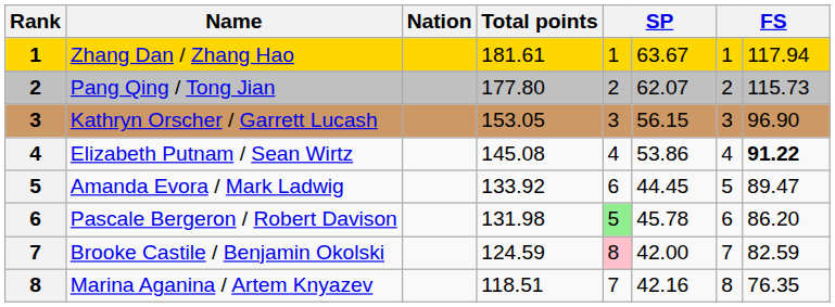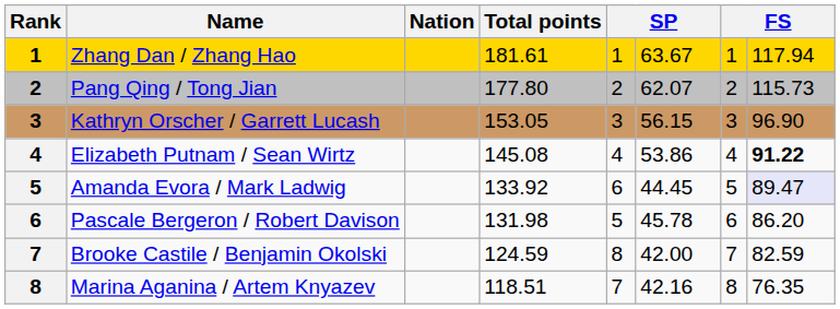 <table class="wikitable">
 <tr>
 <th>Rank</th>
 <th>Name</th>
 <th>Nation</th>
 <th>Total points</th>
 <th colspan="2" width="80px"><a href='#'>SP</a></th>
 <th colspan="2" width="80px"><a href='#'>FS</a></th>
 </tr>
 <tr bgcolor="gold">
 <td align="center"><strong>1</strong></td>
 <td><a href='#'>Zhang Dan</a> / <a href='#'>Zhang Hao</a></td>
 <td></td>
 <td>181.61</td>
 <td>1</td>
 <td>63.67</td>
 <td>1</td>
 <td>117.94</td>
 </tr>
 <tr bgcolor="silver">
 <td align="center"><strong>2</strong></td>
 <td><a href='#'>Pang Qing</a> / <a href='#'>Tong Jian</a></td>
 <td></td>
 <td>177.80</td>
 <td>2</td>
 <td>62.07</td>
 <td>2</td>
 <td>115.73</td>
 </tr>
 <tr bgcolor="cc9966">
 <td align="center"><strong>3</strong></td>
 <td><a href='#'>Kathryn Orscher</a> / <a href='#'>Garrett Lucash</a></td>
 <td></td>
 <td>153.05</td>
 <td>3</td>
 <td>56.15</td>
 <td>3</td>
 <td>96.90</td>
 </tr>
 <tr>
 <th>4</th>
 <td><a href='#'>Elizabeth Putnam</a> / <a href='#'>Sean Wirtz</a></td>
 <td></td>
 <td>145.08</td>
 <td>4</td>
 <td>53.86</td>
 <td>4</td>
 <td><strong>91.22</strong></td>
 </tr>
 <tr>
 <th>5</th>
 <td><a href='#'>Amanda Evora</a> / <a href='#'>Mark Ladwig</a></td>
 <td></td>
 <td>133.92</td>
 <td>6</td>
 <td>44.45</td>
 <td>5</td>
-<td>89.47</td>
+<td style="background: lavender;">89.47</td>
 </tr>
 <tr>
 <th>6</th>
 <td><a href='#'>Pascale Bergeron</a> / <a href='#'>Robert Davison</a></td>
 <td></td>
 <td>131.98</td>
-<td style="background: lightgreen;">5</td>
+<td>5</td>
 <td>45.78</td>
 <td>6</td>
 <td>86.20</td>
 </tr>
 <tr>
 <th>7</th>
 <td><a href='#'>Brooke Castile</a> / <a href='#'>Benjamin Okolski</a></td>
 <td></td>
 <td>124.59</td>
-<td style="background: pink;">8</td>
+<td>8</td>
 <td>42.00</td>
 <td>7</td>
 <td>82.59</td>
 </tr>
 <tr>
 <th>8</th>
 <td><a href='#'>Marina Aganina</a> / <a href='#'>Artem Knyazev</a></td>
 <td></td>
 <td>118.51</td>
 <td>7</td>
 <td>42.16</td>
 <td>8</td>
 <td>76.35</td>
 </tr>
 </table>
